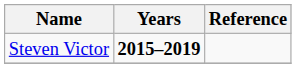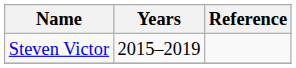 <table class="wikitable">
 <tr style="background:#ccc;">
 <th>Name</th>
 <th>Years</th>
 <th>Reference</th>
 </tr>
 <tr>
 <td><a href='#'>Steven Victor</a></td>
-<td style="text-align:center;"><strong>2015–2019</strong></td>
+<td style="text-align:center;">2015–2019</td>
 <td style="text-align:center;"></td>
 </tr>
 <tr>
 </tr>
 </table>
